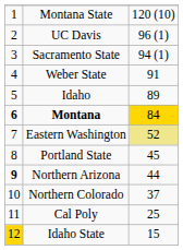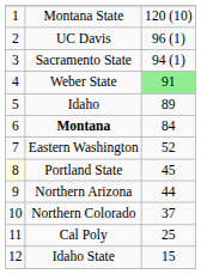 <table class="wikitable" style="display: inline-table;">
 <tr align="center">
 </tr>
 <tr align="center">
 <td>1</td>
 <td>Montana State</td>
 <td>120 (10)</td>
 </tr>
 <tr align="center">
 <td>2</td>
 <td>UC Davis</td>
 <td>96 (1)</td>
 </tr>
 <tr align="center">
 <td>3</td>
 <td>Sacramento State</td>
 <td>94 (1)</td>
 </tr>
 <tr align="center">
 <td>4</td>
 <td>Weber State</td>
-<td>91</td>
+<td style="background: lightgreen;">91</td>
 </tr>
 <tr align="center">
 <td>5</td>
 <td>Idaho</td>
 <td>89</td>
 </tr>
 <tr align="center">
-<td><strong>6</strong></td>
+<td>6</td>
 <td><strong>Montana</strong></td>
-<td style="background: gold;">84</td>
+<td>84</td>
 </tr>
 <tr align="center">
 <td>7</td>
 <td>Eastern Washington</td>
-<td style="background: khaki;">52</td>
+<td>52</td>
 </tr>
 <tr align="center">
-<td>8</td>
+<td style="background: lightyellow;">8</td>
 <td>Portland State</td>
 <td>45</td>
 </tr>
 <tr align="center">
-<td><strong>9</strong></td>
+<td>9</td>
 <td>Northern Arizona</td>
 <td>44</td>
 </tr>
 <tr align="center">
 <td>10</td>
 <td>Northern Colorado</td>
 <td>37</td>
 </tr>
 <tr align="center">
 <td>11</td>
 <td>Cal Poly</td>
 <td>25</td>
 </tr>
 <tr align="center">
-<td style="background: gold;">12</td>
+<td>12</td>
 <td>Idaho State</td>
 <td>15</td>
 </tr>
 </table>
